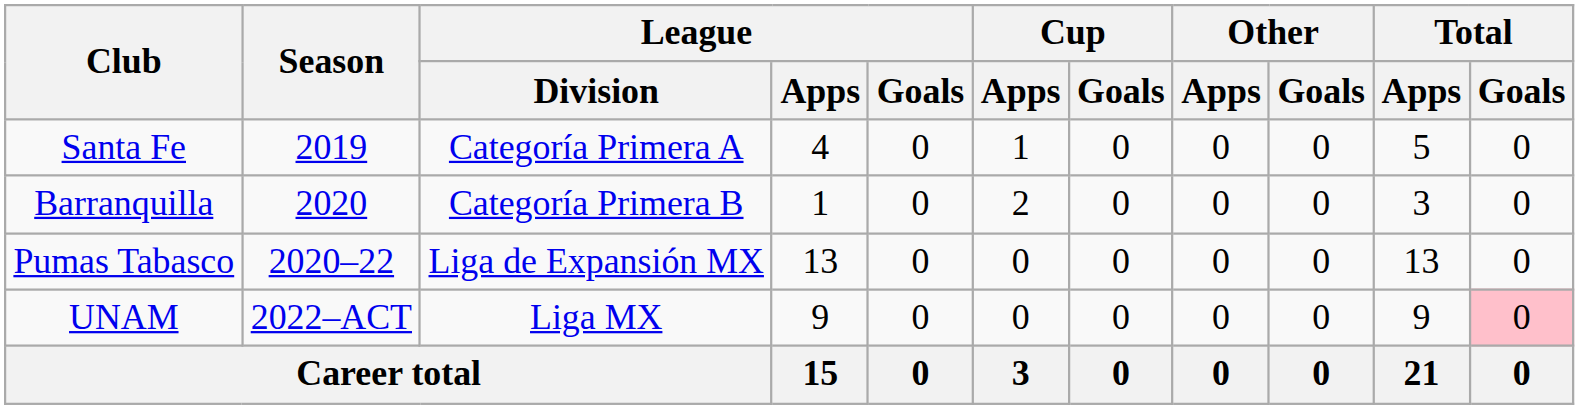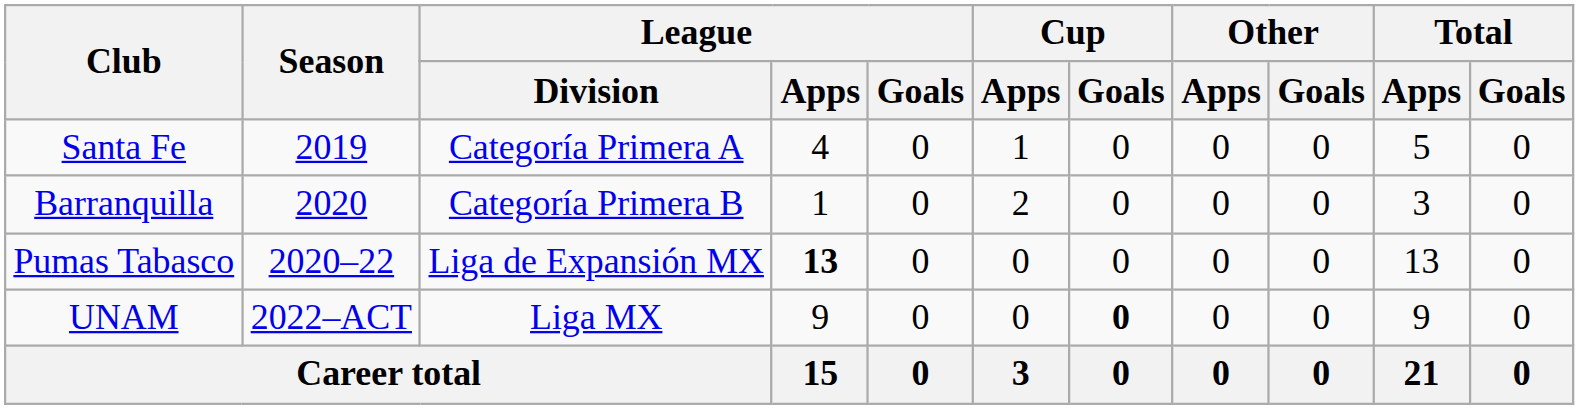 <table class="wikitable" style="text-align: center">
 <tr>
 <th rowspan="2">Club</th>
 <th rowspan="2">Season</th>
 <th colspan="3">League</th>
 <th colspan="2">Cup</th>
 <th colspan="2">Other</th>
 <th colspan="2">Total</th>
 </tr>
 <tr>
 <th>Division</th>
 <th>Apps</th>
 <th>Goals</th>
 <th>Apps</th>
 <th>Goals</th>
 <th>Apps</th>
 <th>Goals</th>
 <th>Apps</th>
 <th>Goals</th>
 </tr>
 <tr>
 <td><a href='#'>Santa Fe</a></td>
 <td><a href='#'>2019</a></td>
 <td><a href='#'>Categoría Primera A</a></td>
 <td>4</td>
 <td>0</td>
 <td>1</td>
 <td>0</td>
 <td>0</td>
 <td>0</td>
 <td>5</td>
 <td>0</td>
 </tr>
 <tr>
 <td><a href='#'>Barranquilla</a></td>
 <td><a href='#'>2020</a></td>
 <td><a href='#'>Categoría Primera B</a></td>
 <td>1</td>
 <td>0</td>
 <td>2</td>
 <td>0</td>
 <td>0</td>
 <td>0</td>
 <td>3</td>
 <td>0</td>
 </tr>
 <tr>
 <td><a href='#'>Pumas Tabasco</a></td>
 <td><a href='#'>2020–22</a></td>
 <td><a href='#'>Liga de Expansión MX</a></td>
-<td>13</td>
+<td><strong>13</strong></td>
 <td>0</td>
 <td>0</td>
 <td>0</td>
 <td>0</td>
 <td>0</td>
 <td>13</td>
 <td>0</td>
 </tr>
 <tr>
 <td><a href='#'>UNAM</a></td>
 <td><a href='#'>2022–ACT</a></td>
 <td><a href='#'>Liga MX</a></td>
 <td>9</td>
 <td>0</td>
 <td>0</td>
-<td>0</td>
+<td><strong>0</strong></td>
 <td>0</td>
 <td>0</td>
 <td>9</td>
-<td style="background: pink;">0</td>
+<td>0</td>
 </tr>
 <tr>
 <th colspan="3"><strong>Career total</strong></th>
 <th>15</th>
 <th>0</th>
 <th>3</th>
 <th>0</th>
 <th>0</th>
 <th>0</th>
 <th>21</th>
 <th>0</th>
 </tr>
 </table>
